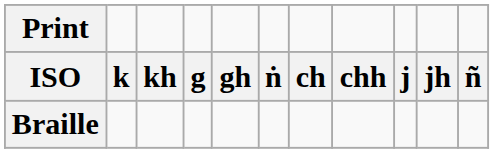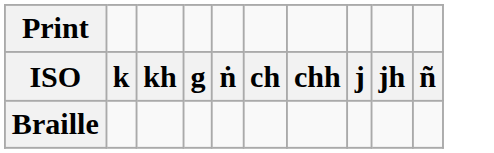 <table class="wikitable">
 <tr>
 <th>Print</th>
-<td></td>
 <td></td>
 <td></td>
 <td></td>
 <td></td>
 <td></td>
 <td></td>
 <td></td>
 <td></td>
 <td></td>
 </tr>
 <tr>
 <th>ISO</th>
 <th>k</th>
 <th>kh</th>
 <th>g</th>
-<th>gh</th>
 <th>ṅ</th>
 <th>ch</th>
 <th>chh</th>
 <th>j</th>
 <th>jh</th>
 <th>ñ</th>
 </tr>
 <tr>
 <th>Braille</th>
 <td></td>
 <td></td>
 <td></td>
 <td></td>
 <td></td>
 <td></td>
 <td></td>
 <td></td>
 <td></td>
-<td></td>
 </tr>
 </table>
